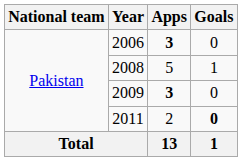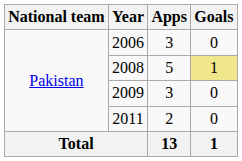 <table class="wikitable" style="text-align: center">
 <tr>
 <th>National team</th>
 <th>Year</th>
 <th>Apps</th>
 <th>Goals</th>
 </tr>
 <tr>
 <td rowspan="4"><a href='#'>Pakistan</a></td>
 <td>2006</td>
-<td><strong>3</strong></td>
+<td>3</td>
 <td>0</td>
 </tr>
 <tr>
 <td>2008</td>
 <td>5</td>
-<td>1</td>
+<td style="background: khaki;">1</td>
 </tr>
 <tr>
 <td>2009</td>
-<td><strong>3</strong></td>
+<td>3</td>
 <td>0</td>
 </tr>
 <tr>
 <td>2011</td>
 <td>2</td>
-<td><strong>0</strong></td>
+<td>0</td>
 </tr>
 <tr>
 <th colspan="2">Total</th>
 <th>13</th>
 <th>1</th>
 </tr>
 </table>
